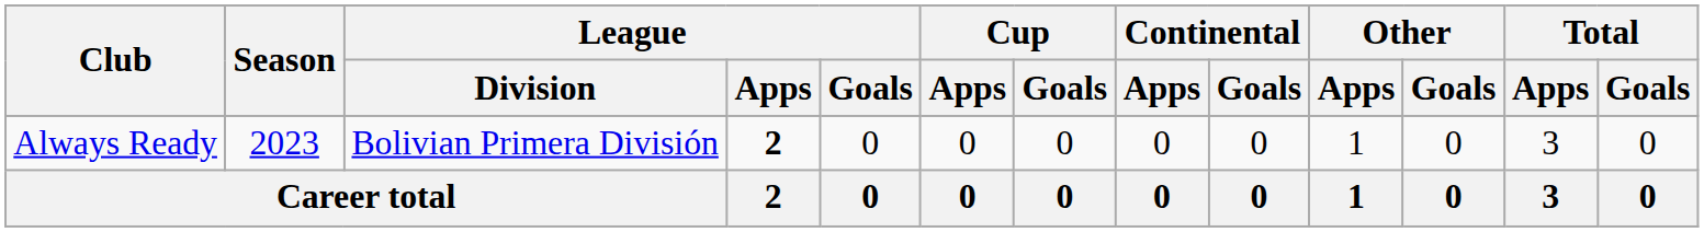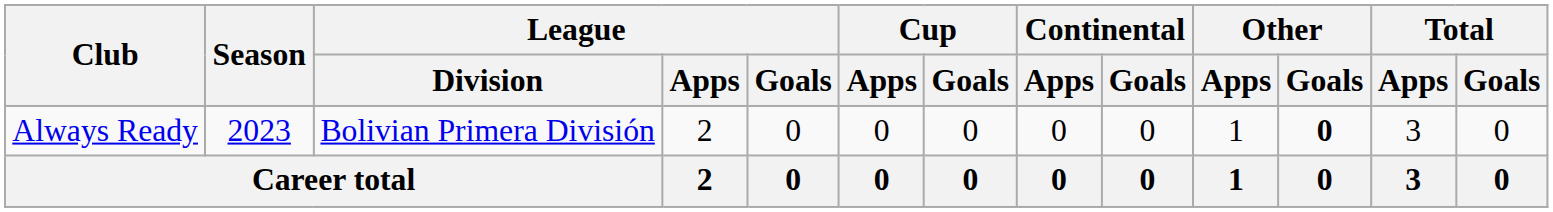 <table class=wikitable style=text-align:center>
 <tr>
 <th rowspan="2">Club</th>
 <th rowspan="2">Season</th>
 <th colspan="3">League</th>
 <th colspan="2">Cup</th>
 <th colspan="2">Continental</th>
 <th colspan="2">Other</th>
 <th colspan="2">Total</th>
 </tr>
 <tr>
 <th>Division</th>
 <th>Apps</th>
 <th>Goals</th>
 <th>Apps</th>
 <th>Goals</th>
 <th>Apps</th>
 <th>Goals</th>
 <th>Apps</th>
 <th>Goals</th>
 <th>Apps</th>
 <th>Goals</th>
 </tr>
 <tr>
 <td><a href='#'>Always Ready</a></td>
 <td><a href='#'>2023</a></td>
 <td><a href='#'>Bolivian Primera División</a></td>
-<td><strong>2</strong></td>
+<td>2</td>
 <td>0</td>
 <td>0</td>
 <td>0</td>
 <td>0</td>
 <td>0</td>
 <td>1</td>
-<td>0</td>
+<td><strong>0</strong></td>
 <td>3</td>
 <td>0</td>
 </tr>
 <tr>
 <th colspan="3">Career total</th>
 <th>2</th>
 <th>0</th>
 <th>0</th>
 <th>0</th>
 <th>0</th>
 <th>0</th>
 <th>1</th>
 <th>0</th>
 <th>3</th>
 <th>0</th>
 </tr>
 </table>
